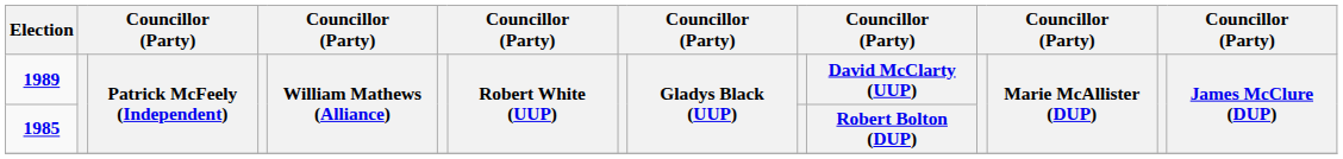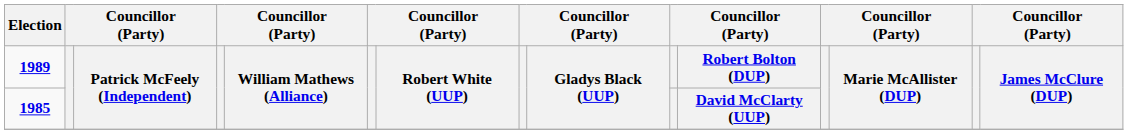 <table class="wikitable" style="text-align:center">
 <tr>
 <th scope="col" width="50">Election</th>
 <th scope="col" width="150" colspan = "2">Councillor<br> (Party)</th>
 <th scope="col" width="150" colspan = "2">Councillor<br> (Party)</th>
 <th scope="col" width="150" colspan = "2">Councillor<br> (Party)</th>
 <th scope="col" width="150" colspan = "2">Councillor<br> (Party)</th>
 <th scope="col" width="150" colspan = "2">Councillor<br> (Party)</th>
 <th scope="col" width="150" colspan = "2">Councillor<br> (Party)</th>
 <th scope="col" width="150" colspan = "2">Councillor<br> (Party)</th>
 </tr>
 <tr>
 <td><strong><a href='#'>1989</a></strong></td>
 <th rowspan="2" width="1" style="background-color: "></th>
 <th rowspan = "2">Patrick McFeely <br> (<a href='#'>Independent</a>)</th>
 <th rowspan="2" width="1" style="background-color: "></th>
 <th rowspan = "2">William Mathews <br> (<a href='#'>Alliance</a>)</th>
 <th rowspan="2" width="1" style="background-color: "></th>
 <th rowspan = "2">Robert White <br> (<a href='#'>UUP</a>)</th>
 <th rowspan="2" width="1" style="background-color: "></th>
 <th rowspan = "2">Gladys Black <br> (<a href='#'>UUP</a>)</th>
 <th rowspan="1" width="1" style="background-color: "></th>
-<th rowspan = "1"><a href='#'>David McClarty</a> <br> (<a href='#'>UUP</a>)</th>
+<th rowspan = "1"><a href='#'>Robert Bolton</a> <br> (<a href='#'>DUP</a>)</th>
 <th rowspan="2" width="1" style="background-color: "></th>
 <th rowspan = "2">Marie McAllister <br> (<a href='#'>DUP</a>)</th>
 <th rowspan="2" width="1" style="background-color: "></th>
 <th rowspan = "2"><a href='#'>James McClure</a> <br> (<a href='#'>DUP</a>)</th>
 </tr>
 <tr>
 <td><strong><a href='#'>1985</a></strong></td>
 <th rowspan="1" width="1" style="background-color: "></th>
-<th rowspan = "1"><a href='#'>Robert Bolton</a> <br> (<a href='#'>DUP</a>)</th>
+<th rowspan = "1"><a href='#'>David McClarty</a> <br> (<a href='#'>UUP</a>)</th>
 </tr>
 <tr>
 </tr>
 </table>
